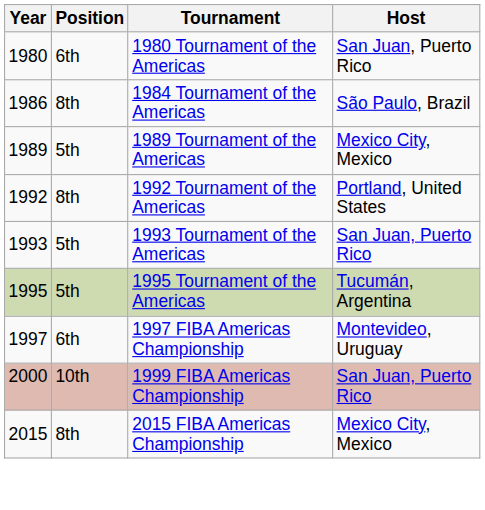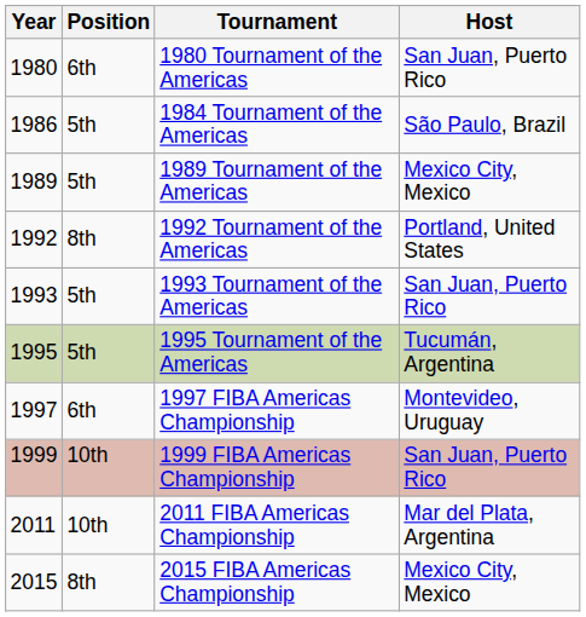 <table class="wikitable" style="width:70%;">
 <tr>
 <th>Year</th>
 <th>Position</th>
 <th>Tournament</th>
 <th>Host</th>
 </tr>
 <tr style="background:">
 <td>1980</td>
 <td>6th</td>
 <td><a href='#'>1980 Tournament of the Americas</a></td>
 <td><a href='#'>San Juan</a>, Puerto Rico</td>
 </tr>
 <tr style="background:">
 <td>1986</td>
-<td>8th</td>
+<td>5th</td>
 <td><a href='#'>1984 Tournament of the Americas</a></td>
 <td><a href='#'>São Paulo</a>, Brazil</td>
 </tr>
 <tr style="background:">
 <td>1989</td>
 <td>5th</td>
 <td><a href='#'>1989 Tournament of the Americas</a></td>
 <td><a href='#'>Mexico City</a>, Mexico</td>
 </tr>
 <tr style="background:">
 <td>1992</td>
 <td>8th</td>
 <td><a href='#'>1992 Tournament of the Americas</a></td>
 <td><a href='#'>Portland</a>, United States</td>
 </tr>
 <tr style="background:">
 <td>1993</td>
 <td>5th</td>
 <td><a href='#'>1993 Tournament of the Americas</a></td>
 <td><a href='#'>San Juan, Puerto Rico</a></td>
 </tr>
 <tr style="background:#cedab0;">
 <td>1995</td>
 <td>5th</td>
 <td><a href='#'>1995 Tournament of the Americas</a></td>
 <td><a href='#'>Tucumán</a>, Argentina</td>
 </tr>
 <tr style="background:">
 <td>1997</td>
 <td>6th</td>
 <td><a href='#'>1997 FIBA Americas Championship</a></td>
 <td><a href='#'>Montevideo</a>, Uruguay</td>
 </tr>
 <tr valign="top" bgcolor="#debab0">
-<td>2000</td>
+<td>1999</td>
 <td>10th</td>
 <td><a href='#'>1999 FIBA Americas Championship</a></td>
 <td><a href='#'>San Juan, Puerto Rico</a></td>
+</tr>
+<tr style="background:">
+<td>2011</td>
+<td>10th</td>
+<td><a href='#'>2011 FIBA Americas Championship</a></td>
+<td><a href='#'>Mar del Plata</a>, Argentina</td>
 </tr>
 <tr style="background:">
 <td>2015</td>
 <td>8th</td>
 <td><a href='#'>2015 FIBA Americas Championship</a></td>
 <td><a href='#'>Mexico City</a>, Mexico</td>
 </tr>
 </table>
